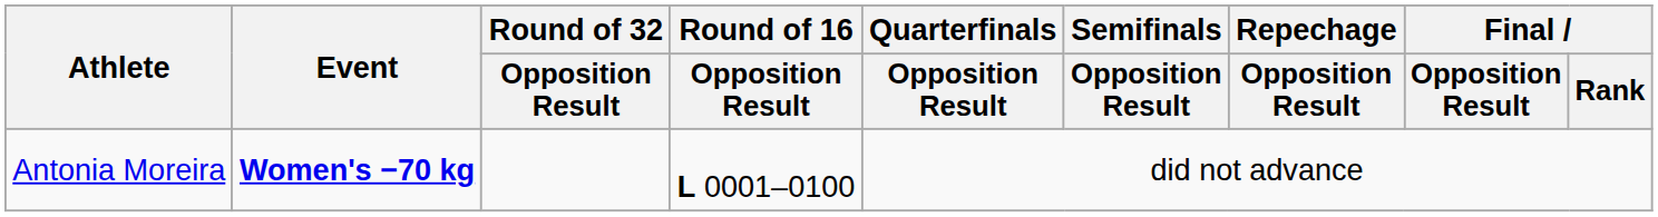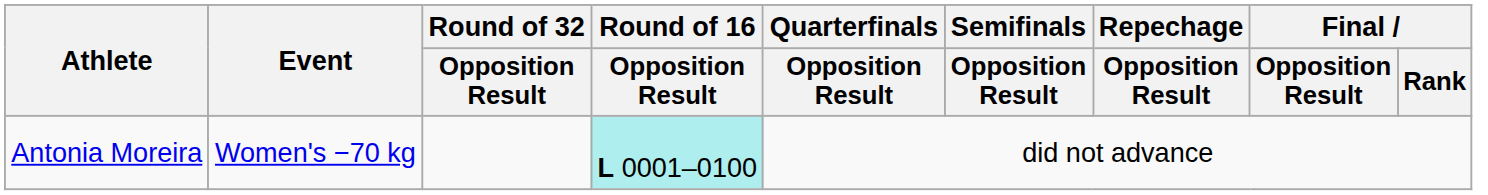 <table class="wikitable" style="font-size:90%">
 <tr>
 <th rowspan="2">Athlete</th>
 <th rowspan="2">Event</th>
 <th>Round of 32</th>
 <th>Round of 16</th>
 <th>Quarterfinals</th>
 <th>Semifinals</th>
 <th>Repechage</th>
 <th colspan=2>Final / </th>
 </tr>
 <tr style="font-size:95%">
 <th>Opposition<br>Result</th>
 <th>Opposition<br>Result</th>
 <th>Opposition<br>Result</th>
 <th>Opposition<br>Result</th>
 <th>Opposition<br>Result</th>
 <th>Opposition<br>Result</th>
 <th>Rank</th>
 </tr>
 <tr align=center>
 <td align=left><a href='#'>Antonia Moreira</a></td>
-<td align=left><strong><a href='#'>Women's −70 kg</a></strong></td>
+<td align=left><a href='#'>Women's −70 kg</a></td>
 <td></td>
-<td><br><strong>L</strong> 0001–0100</td>
+<td style="background: paleturquoise;"><br><strong>L</strong> 0001–0100</td>
 <td colspan=5>did not advance</td>
 </tr>
 </table>
